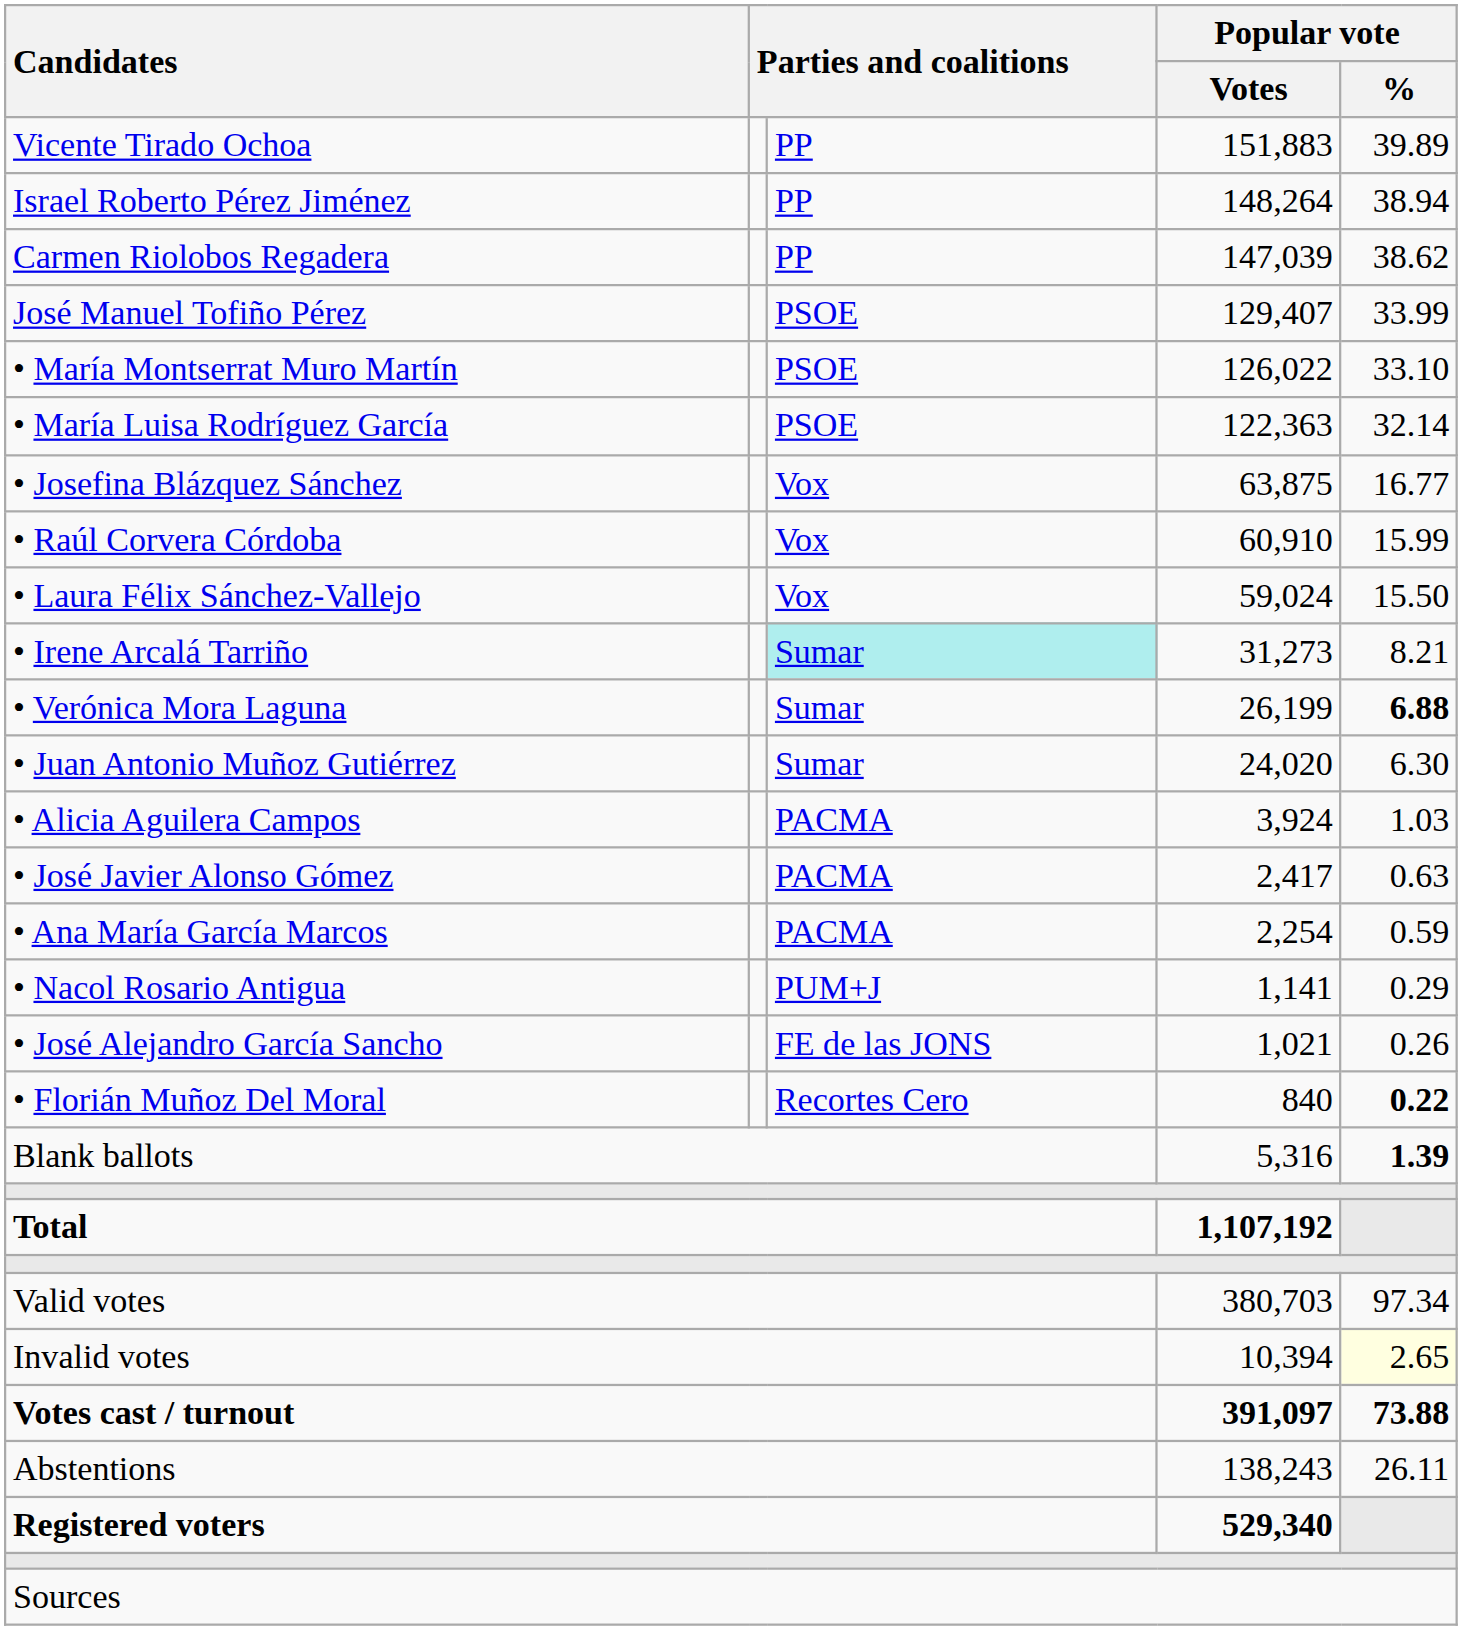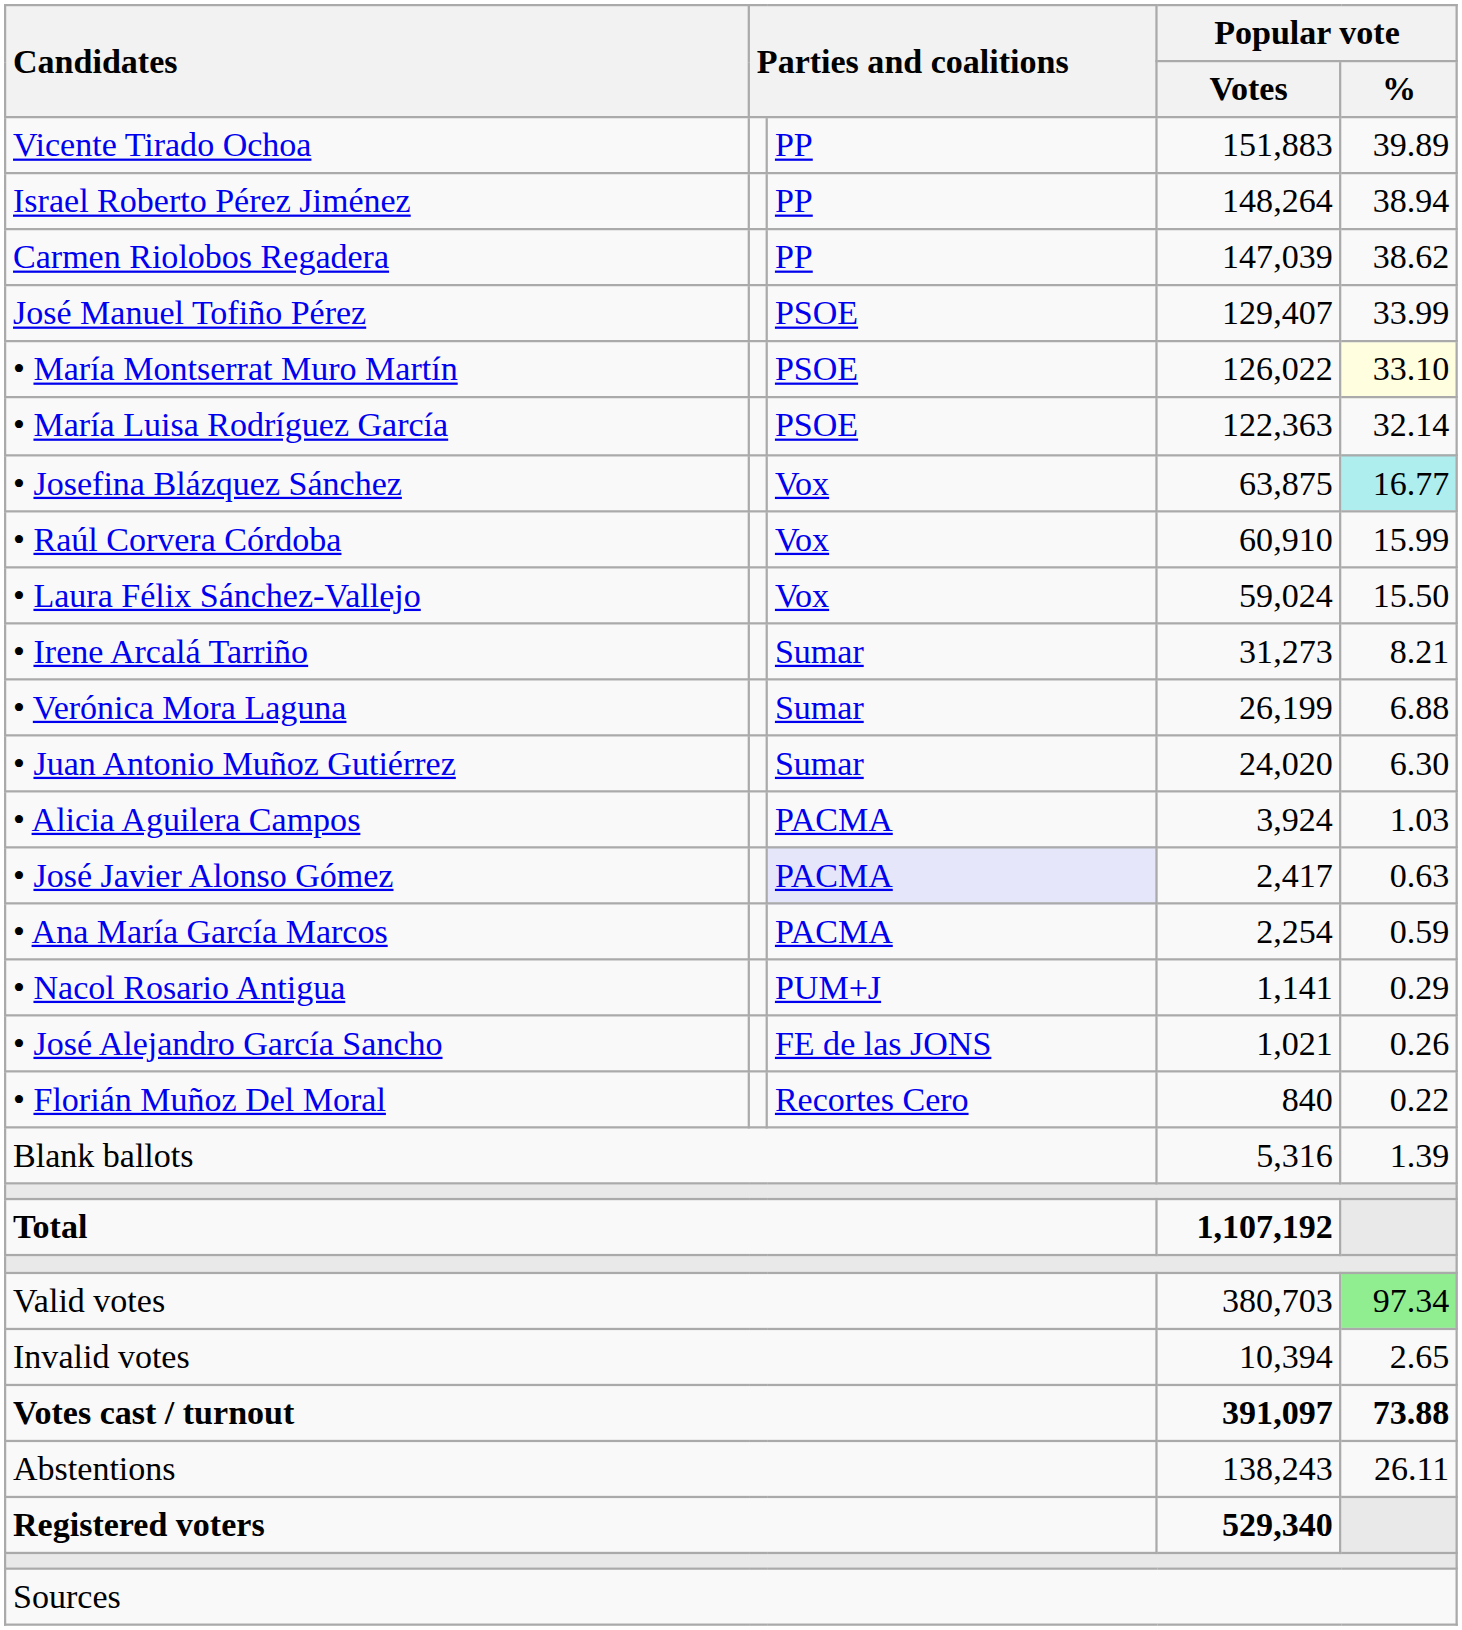 <table class="wikitable" style="text-align:right; font-size:95%;">
 <tr>
 <th style="text-align:left;" rowspan="2" width="325">Candidates</th>
 <th style="text-align:left;" rowspan="2" colspan="2" width="175">Parties and coalitions</th>
 <th colspan="2">Popular vote</th>
 </tr>
 <tr>
 <th width="75">Votes</th>
 <th width="45">%</th>
 </tr>
 <tr>
 <td align="left"> <a href='#'>Vicente Tirado Ochoa</a></td>
 <td width="1" style="color:inherit;background:"></td>
 <td align="left"><a href='#'>PP</a></td>
 <td>151,883</td>
 <td>39.89</td>
 </tr>
 <tr>
 <td align="left"> <a href='#'>Israel Roberto Pérez Jiménez</a></td>
 <td width="1" style="color:inherit;background:"></td>
 <td align="left"><a href='#'>PP</a></td>
 <td>148,264</td>
 <td>38.94</td>
 </tr>
 <tr>
 <td align="left"> <a href='#'>Carmen Riolobos Regadera</a></td>
 <td width="1" style="color:inherit;background:"></td>
 <td align="left"><a href='#'>PP</a></td>
 <td>147,039</td>
 <td>38.62</td>
 </tr>
 <tr>
 <td align="left"> <a href='#'>José Manuel Tofiño Pérez</a></td>
 <td width="1" style="color:inherit;background:"></td>
 <td align="left"><a href='#'>PSOE</a></td>
 <td>129,407</td>
 <td>33.99</td>
 </tr>
 <tr>
 <td align="left">• <a href='#'>María Montserrat Muro Martín</a></td>
 <td width="1" style="color:inherit;background:"></td>
 <td align="left"><a href='#'>PSOE</a></td>
 <td>126,022</td>
-<td>33.10</td>
+<td style="background: lightyellow;">33.10</td>
 </tr>
 <tr>
 <td align="left">• <a href='#'>María Luisa Rodríguez García</a></td>
 <td width="1" style="color:inherit;background:"></td>
 <td align="left"><a href='#'>PSOE</a></td>
 <td>122,363</td>
 <td>32.14</td>
 </tr>
 <tr>
 <td align="left">• <a href='#'>Josefina Blázquez Sánchez</a></td>
 <td width="1" style="color:inherit;background:"></td>
 <td align="left"><a href='#'>Vox</a></td>
 <td>63,875</td>
-<td>16.77</td>
+<td style="background: paleturquoise;">16.77</td>
 </tr>
 <tr>
 <td align="left">• <a href='#'>Raúl Corvera Córdoba</a></td>
 <td width="1" style="color:inherit;background:"></td>
 <td align="left"><a href='#'>Vox</a></td>
 <td>60,910</td>
 <td>15.99</td>
 </tr>
 <tr>
 <td align="left">• <a href='#'>Laura Félix Sánchez-Vallejo</a></td>
 <td width="1" style="color:inherit;background:"></td>
 <td align="left"><a href='#'>Vox</a></td>
 <td>59,024</td>
 <td>15.50</td>
 </tr>
 <tr>
 <td align="left">• <a href='#'>Irene Arcalá Tarriño</a></td>
 <td width="1" style="color:inherit;background:"></td>
-<td align="left" style="background: paleturquoise;"><a href='#'>Sumar</a></td>
+<td align="left"><a href='#'>Sumar</a></td>
 <td>31,273</td>
 <td>8.21</td>
 </tr>
 <tr>
 <td align="left">• <a href='#'>Verónica Mora Laguna</a></td>
 <td width="1" style="color:inherit;background:"></td>
 <td align="left"><a href='#'>Sumar</a></td>
 <td>26,199</td>
-<td><strong>6.88</strong></td>
+<td>6.88</td>
 </tr>
 <tr>
 <td align="left">• <a href='#'>Juan Antonio Muñoz Gutiérrez</a></td>
 <td width="1" style="color:inherit;background:"></td>
 <td align="left"><a href='#'>Sumar</a></td>
 <td>24,020</td>
 <td>6.30</td>
 </tr>
 <tr>
 <td align="left">• <a href='#'>Alicia Aguilera Campos</a></td>
 <td width="1" style="color:inherit;background:"></td>
 <td align="left"><a href='#'>PACMA</a></td>
 <td>3,924</td>
 <td>1.03</td>
 </tr>
 <tr>
 <td align="left">• <a href='#'>José Javier Alonso Gómez</a></td>
 <td width="1" style="color:inherit;background:"></td>
-<td align="left"><a href='#'>PACMA</a></td>
+<td align="left" style="background: lavender;"><a href='#'>PACMA</a></td>
 <td>2,417</td>
 <td>0.63</td>
 </tr>
 <tr>
 <td align="left">• <a href='#'>Ana María García Marcos</a></td>
 <td width="1" style="color:inherit;background:"></td>
 <td align="left"><a href='#'>PACMA</a></td>
 <td>2,254</td>
 <td>0.59</td>
 </tr>
 <tr>
 <td align="left">• <a href='#'>Nacol Rosario Antigua</a></td>
 <td width="1" style="color:inherit;background:"></td>
 <td align="left"><a href='#'>PUM+J</a></td>
 <td>1,141</td>
 <td>0.29</td>
 </tr>
 <tr>
 <td align="left">• <a href='#'>José Alejandro García Sancho</a></td>
 <td width="1" style="color:inherit;background:"></td>
 <td align="left"><a href='#'>FE de las JONS</a></td>
 <td>1,021</td>
 <td>0.26</td>
 </tr>
 <tr>
 <td align="left">• <a href='#'>Florián Muñoz Del Moral</a></td>
 <td width="1" style="color:inherit;background:"></td>
 <td align="left"><a href='#'>Recortes Cero</a></td>
 <td>840</td>
-<td><strong>0.22</strong></td>
+<td>0.22</td>
 </tr>
 <tr>
 <td align="left" colspan="3">Blank ballots</td>
 <td>5,316</td>
-<td><strong>1.39</strong></td>
+<td>1.39</td>
 </tr>
 <tr>
 <td colspan="5" bgcolor="#E9E9E9"></td>
 </tr>
 <tr style="font-weight:bold;">
 <td align="left" colspan="3">Total</td>
 <td>1,107,192</td>
 <td bgcolor="#E9E9E9"></td>
 </tr>
 <tr>
 <td colspan="5" bgcolor="#E9E9E9"></td>
 </tr>
 <tr>
 <td align="left" colspan="3">Valid votes</td>
 <td>380,703</td>
-<td>97.34</td>
+<td style="background: lightgreen;">97.34</td>
 </tr>
 <tr>
 <td align="left" colspan="3">Invalid votes</td>
 <td>10,394</td>
-<td style="background: lightyellow;">2.65</td>
+<td>2.65</td>
 </tr>
 <tr style="font-weight:bold;">
 <td align="left" colspan="3">Votes cast / turnout</td>
 <td>391,097</td>
 <td>73.88</td>
 </tr>
 <tr>
 <td align="left" colspan="3">Abstentions</td>
 <td>138,243</td>
 <td>26.11</td>
 </tr>
 <tr style="font-weight:bold;">
 <td align="left" colspan="3">Registered voters</td>
 <td>529,340</td>
 <td bgcolor="#E9E9E9"></td>
 </tr>
 <tr>
 <td colspan="5" bgcolor="#E9E9E9"></td>
 </tr>
 <tr>
 <td align="left" colspan="5">Sources</td>
 </tr>
 </table>
